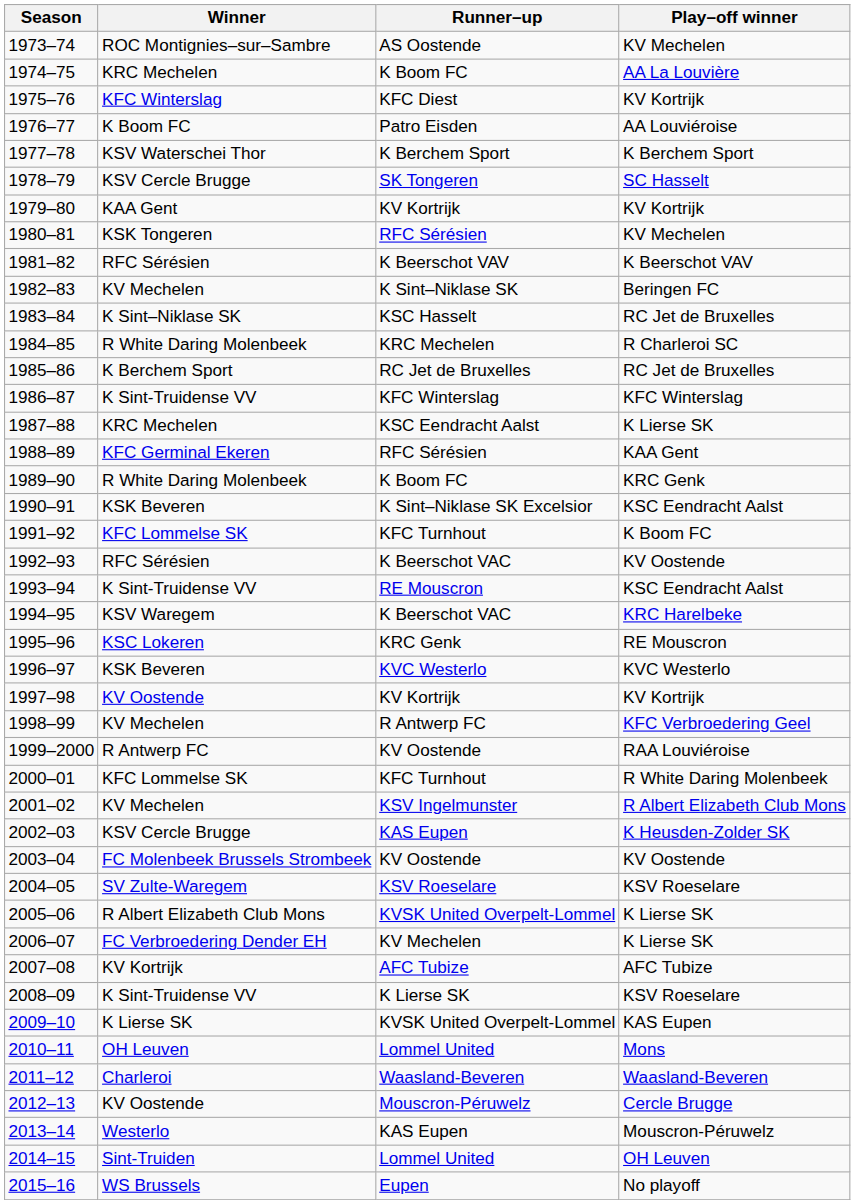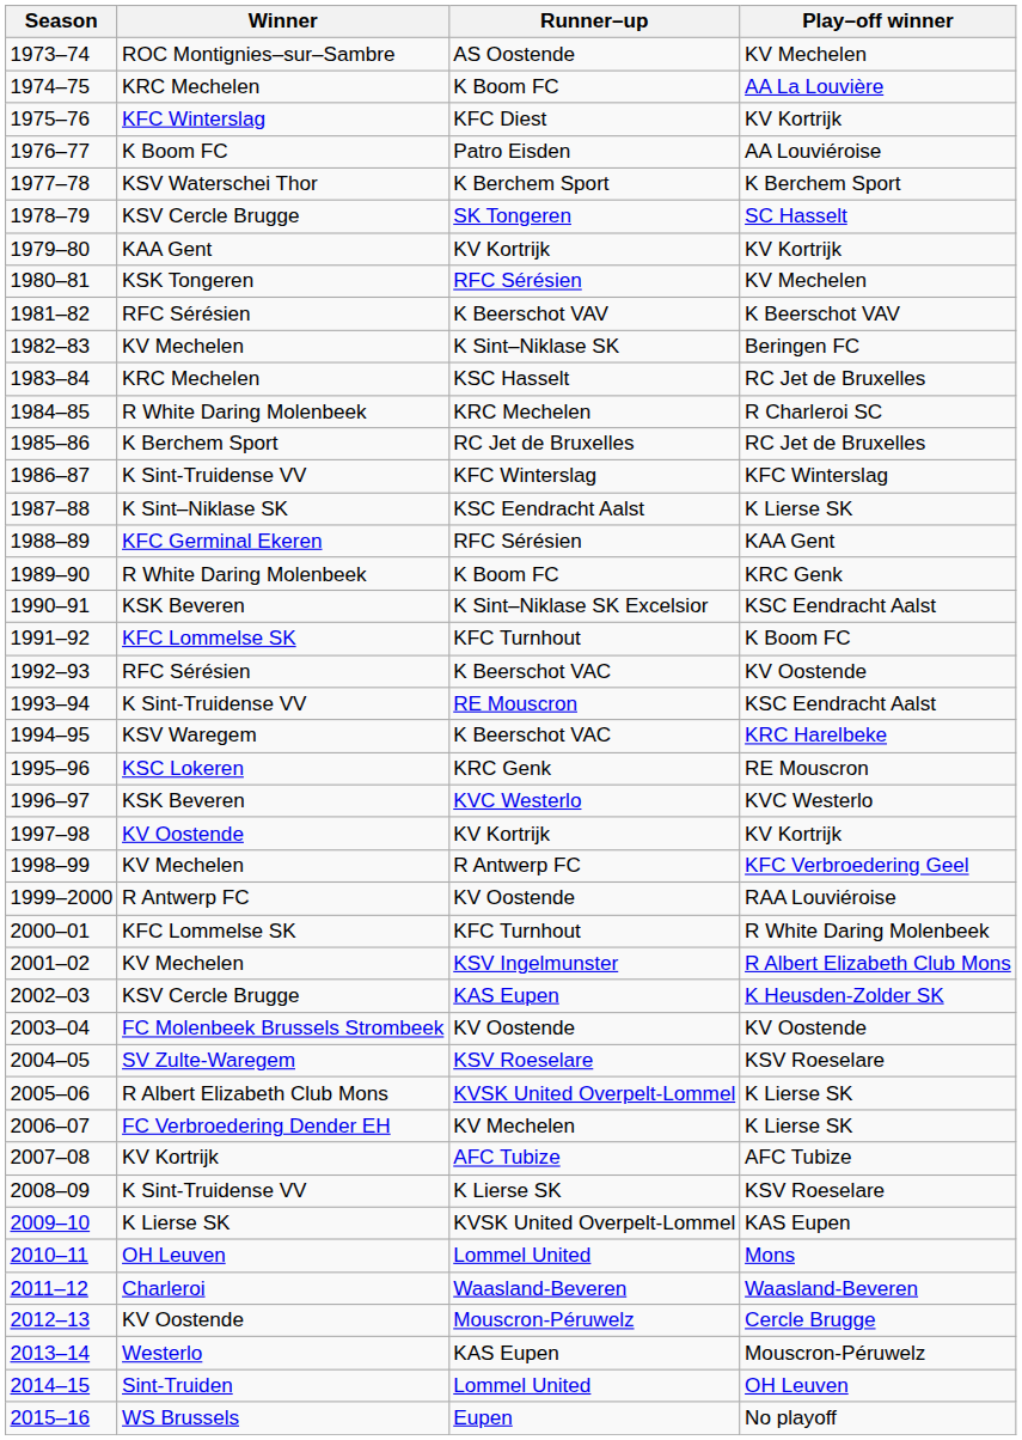 <table class="wikitable sortable" style="text–align:center;">
 <tr>
 <th>Season</th>
 <th>Winner</th>
 <th>Runner–up</th>
 <th>Play–off winner</th>
 </tr>
 <tr>
 <td>1973–74</td>
 <td>ROC Montignies–sur–Sambre</td>
 <td>AS Oostende</td>
 <td>KV Mechelen</td>
 </tr>
 <tr>
 <td>1974–75</td>
 <td>KRC Mechelen</td>
 <td>K Boom FC</td>
 <td><a href='#'>AA La Louvière</a></td>
 </tr>
 <tr>
 <td>1975–76</td>
 <td><a href='#'>KFC Winterslag</a></td>
 <td>KFC Diest</td>
 <td>KV Kortrijk</td>
 </tr>
 <tr>
 <td>1976–77</td>
 <td>K Boom FC</td>
 <td>Patro Eisden</td>
 <td>AA Louviéroise</td>
 </tr>
 <tr>
 <td>1977–78</td>
 <td>KSV Waterschei Thor</td>
 <td>K Berchem Sport</td>
 <td>K Berchem Sport</td>
 </tr>
 <tr>
 <td>1978–79</td>
 <td>KSV Cercle Brugge</td>
 <td><a href='#'>SK Tongeren</a></td>
 <td><a href='#'>SC Hasselt</a></td>
 </tr>
 <tr>
 <td>1979–80</td>
 <td>KAA Gent</td>
 <td>KV Kortrijk</td>
 <td>KV Kortrijk</td>
 </tr>
 <tr>
 <td>1980–81</td>
 <td>KSK Tongeren</td>
 <td><a href='#'>RFC Sérésien</a></td>
 <td>KV Mechelen</td>
 </tr>
 <tr>
 <td>1981–82</td>
 <td>RFC Sérésien</td>
 <td>K Beerschot VAV</td>
 <td>K Beerschot VAV</td>
 </tr>
 <tr>
 <td>1982–83</td>
 <td>KV Mechelen</td>
 <td>K Sint–Niklase SK</td>
 <td>Beringen FC</td>
 </tr>
 <tr>
 <td>1983–84</td>
-<td>K Sint–Niklase SK</td>
+<td>KRC Mechelen</td>
 <td>KSC Hasselt</td>
 <td>RC Jet de Bruxelles</td>
 </tr>
 <tr>
 <td>1984–85</td>
 <td>R White Daring Molenbeek</td>
 <td>KRC Mechelen</td>
 <td>R Charleroi SC</td>
 </tr>
 <tr>
 <td>1985–86</td>
 <td>K Berchem Sport</td>
 <td>RC Jet de Bruxelles</td>
 <td>RC Jet de Bruxelles</td>
 </tr>
 <tr>
 <td>1986–87</td>
 <td>K Sint-Truidense VV</td>
 <td>KFC Winterslag</td>
 <td>KFC Winterslag</td>
 </tr>
 <tr>
 <td>1987–88</td>
-<td>KRC Mechelen</td>
+<td>K Sint–Niklase SK</td>
 <td>KSC Eendracht Aalst</td>
 <td>K Lierse SK</td>
 </tr>
 <tr>
 <td>1988–89</td>
 <td><a href='#'>KFC Germinal Ekeren</a></td>
 <td>RFC Sérésien</td>
 <td>KAA Gent</td>
 </tr>
 <tr>
 <td>1989–90</td>
 <td>R White Daring Molenbeek</td>
 <td>K Boom FC</td>
 <td>KRC Genk</td>
 </tr>
 <tr>
 <td>1990–91</td>
 <td>KSK Beveren</td>
 <td>K Sint–Niklase SK Excelsior</td>
 <td>KSC Eendracht Aalst</td>
 </tr>
 <tr>
 <td>1991–92</td>
 <td><a href='#'>KFC Lommelse SK</a></td>
 <td>KFC Turnhout</td>
 <td>K Boom FC</td>
 </tr>
 <tr>
 <td>1992–93</td>
 <td>RFC Sérésien</td>
 <td>K Beerschot VAC</td>
 <td>KV Oostende</td>
 </tr>
 <tr>
 <td>1993–94</td>
 <td>K Sint-Truidense VV</td>
 <td><a href='#'>RE Mouscron</a></td>
 <td>KSC Eendracht Aalst</td>
 </tr>
 <tr>
 <td>1994–95</td>
 <td>KSV Waregem</td>
 <td>K Beerschot VAC</td>
 <td><a href='#'>KRC Harelbeke</a></td>
 </tr>
 <tr>
 <td>1995–96</td>
 <td><a href='#'>KSC Lokeren</a></td>
 <td>KRC Genk</td>
 <td>RE Mouscron</td>
 </tr>
 <tr>
 <td>1996–97</td>
 <td>KSK Beveren</td>
 <td><a href='#'>KVC Westerlo</a></td>
 <td>KVC Westerlo</td>
 </tr>
 <tr>
 <td>1997–98</td>
 <td><a href='#'>KV Oostende</a></td>
 <td>KV Kortrijk</td>
 <td>KV Kortrijk</td>
 </tr>
 <tr>
 <td>1998–99</td>
 <td>KV Mechelen</td>
 <td>R Antwerp FC</td>
 <td><a href='#'>KFC Verbroedering Geel</a></td>
 </tr>
 <tr>
 <td>1999–2000</td>
 <td>R Antwerp FC</td>
 <td>KV Oostende</td>
 <td>RAA Louviéroise</td>
 </tr>
 <tr>
 <td>2000–01</td>
 <td>KFC Lommelse SK</td>
 <td>KFC Turnhout</td>
 <td>R White Daring Molenbeek</td>
 </tr>
 <tr>
 <td>2001–02</td>
 <td>KV Mechelen</td>
 <td><a href='#'>KSV Ingelmunster</a></td>
 <td><a href='#'>R Albert Elizabeth Club Mons</a></td>
 </tr>
 <tr>
 <td>2002–03</td>
 <td>KSV Cercle Brugge</td>
 <td><a href='#'>KAS Eupen</a></td>
 <td><a href='#'>K Heusden-Zolder SK</a></td>
 </tr>
 <tr>
 <td>2003–04</td>
 <td><a href='#'>FC Molenbeek Brussels Strombeek</a></td>
 <td>KV Oostende</td>
 <td>KV Oostende</td>
 </tr>
 <tr>
 <td>2004–05</td>
 <td><a href='#'>SV Zulte-Waregem</a></td>
 <td><a href='#'>KSV Roeselare</a></td>
 <td>KSV Roeselare</td>
 </tr>
 <tr>
 <td>2005–06</td>
 <td>R Albert Elizabeth Club Mons</td>
 <td><a href='#'>KVSK United Overpelt-Lommel</a></td>
 <td>K Lierse SK</td>
 </tr>
 <tr>
 <td>2006–07</td>
 <td><a href='#'>FC Verbroedering Dender EH</a></td>
 <td>KV Mechelen</td>
 <td>K Lierse SK</td>
 </tr>
 <tr>
 <td>2007–08</td>
 <td>KV Kortrijk</td>
 <td><a href='#'>AFC Tubize</a></td>
 <td>AFC Tubize</td>
 </tr>
 <tr>
 <td>2008–09</td>
 <td>K Sint-Truidense VV</td>
 <td>K Lierse SK</td>
 <td>KSV Roeselare</td>
 </tr>
 <tr>
 <td><a href='#'>2009–10</a></td>
 <td>K Lierse SK</td>
 <td>KVSK United Overpelt-Lommel</td>
 <td>KAS Eupen</td>
 </tr>
 <tr>
 <td><a href='#'>2010–11</a></td>
 <td><a href='#'>OH Leuven</a></td>
 <td><a href='#'>Lommel United</a></td>
 <td><a href='#'>Mons</a></td>
 </tr>
 <tr>
 <td><a href='#'>2011–12</a></td>
 <td><a href='#'>Charleroi</a></td>
 <td><a href='#'>Waasland-Beveren</a></td>
 <td><a href='#'>Waasland-Beveren</a></td>
 </tr>
 <tr>
 <td><a href='#'>2012–13</a></td>
 <td>KV Oostende</td>
 <td><a href='#'>Mouscron-Péruwelz</a></td>
 <td><a href='#'>Cercle Brugge</a></td>
 </tr>
 <tr>
 <td><a href='#'>2013–14</a></td>
 <td><a href='#'>Westerlo</a></td>
 <td>KAS Eupen</td>
 <td>Mouscron-Péruwelz</td>
 </tr>
 <tr>
 <td><a href='#'>2014–15</a></td>
 <td><a href='#'>Sint-Truiden</a></td>
 <td><a href='#'>Lommel United</a></td>
 <td><a href='#'>OH Leuven</a></td>
 </tr>
 <tr>
 <td><a href='#'>2015–16</a></td>
 <td><a href='#'>WS Brussels</a></td>
 <td><a href='#'>Eupen</a></td>
 <td>No playoff</td>
 </tr>
 </table>
